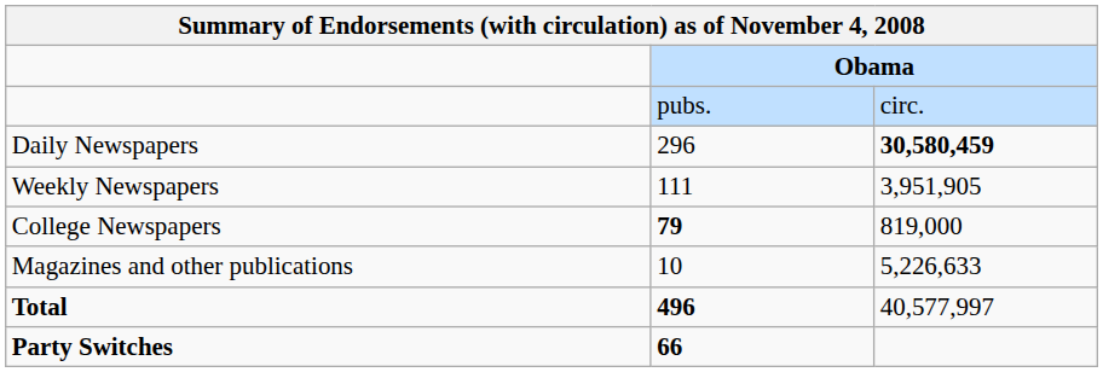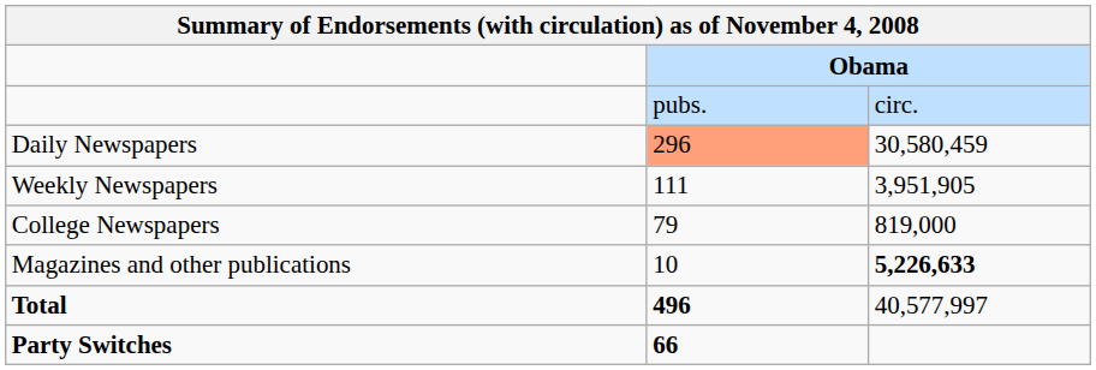 <table class="wikitable" style="margin:0.5em auto;">
 <tr>
 <th colspan="4" style="text-align:center;">Summary of Endorsements (with circulation) as of November 4, 2008</th>
 </tr>
 <tr>
 <td style="width:300pt;"></td>
 <td colspan="2" style="text-align:center; background:#c0e0ff;"><strong>Obama</strong></td>
 </tr>
 <tr>
 <td style="width:300pt;"></td>
 <td style="width:100pt; background:#c0e0ff;">pubs.</td>
 <td style="width:100pt; background:#c0e0ff;">circ.</td>
 </tr>
 <tr>
 <td>Daily Newspapers</td>
-<td>296</td>
-<td><strong>30,580,459</strong></td>
+<td style="background: lightsalmon;">296</td>
+<td>30,580,459</td>
 </tr>
 <tr>
 <td>Weekly Newspapers</td>
 <td>111</td>
 <td>3,951,905</td>
 </tr>
 <tr>
 <td>College Newspapers</td>
-<td><strong>79</strong></td>
+<td>79</td>
 <td>819,000</td>
 </tr>
 <tr>
 <td>Magazines and other publications</td>
 <td>10</td>
-<td>5,226,633</td>
+<td><strong>5,226,633</strong></td>
 </tr>
 <tr>
 <td><strong>Total</strong></td>
 <td><strong>496</strong></td>
 <td>40,577,997</td>
 </tr>
 <tr>
 <td><strong>Party Switches</strong></td>
 <td><strong>66</strong></td>
 <td></td>
 </tr>
 </table>
